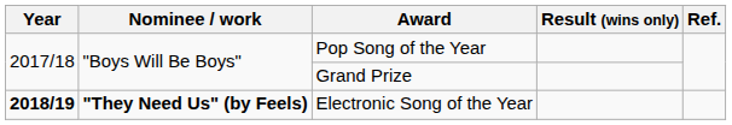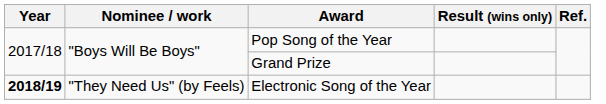 <table class="wikitable">
 <tr>
 <th>Year</th>
 <th>Nominee / work</th>
 <th>Award</th>
 <th>Result <small>(wins only)</small></th>
 <th>Ref.</th>
 </tr>
 <tr>
 <td rowspan="2">2017/18</td>
 <td rowspan="2">"Boys Will Be Boys"</td>
 <td>Pop Song of the Year</td>
 <td></td>
 <td rowspan="2"></td>
 </tr>
 <tr>
 <td>Grand Prize</td>
 <td></td>
 </tr>
 <tr>
 <td><strong>2018/19</strong></td>
-<td><strong>"They Need Us" (by Feels)</strong></td>
+<td>"They Need Us" (by Feels)</td>
 <td>Electronic Song of the Year</td>
 <td></td>
 <td></td>
 </tr>
 </table>
